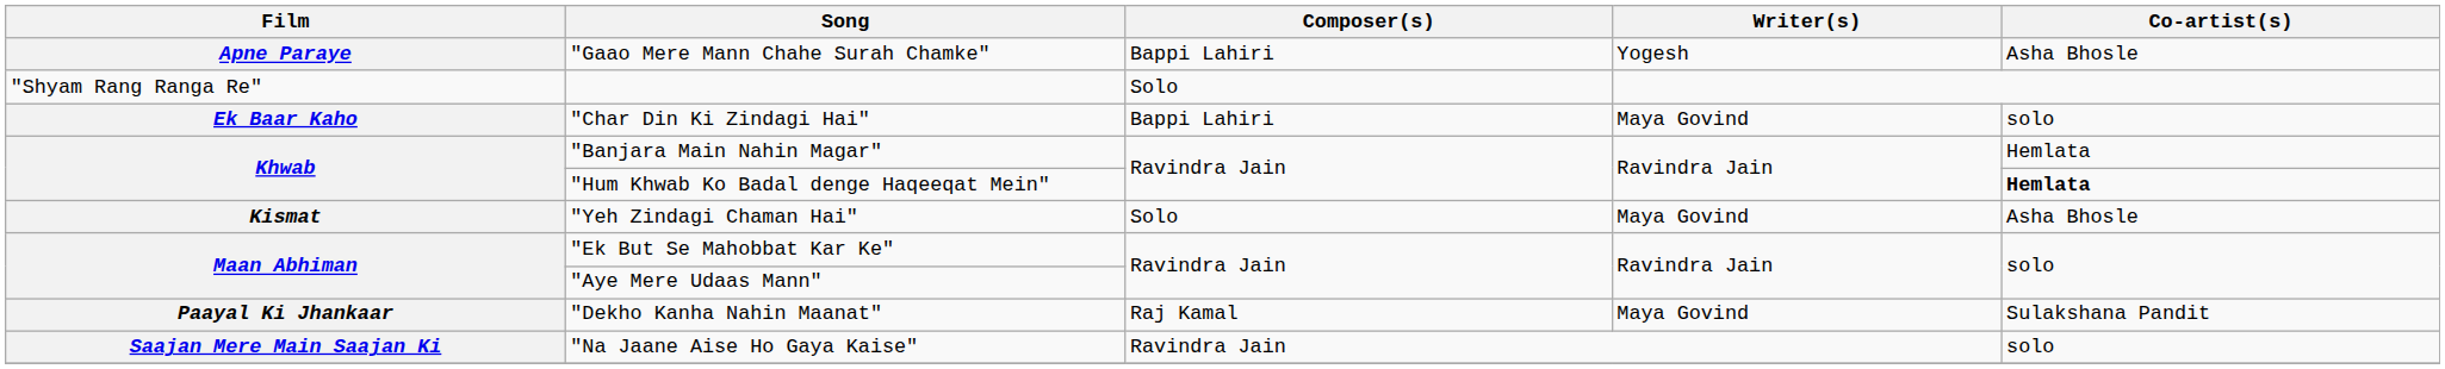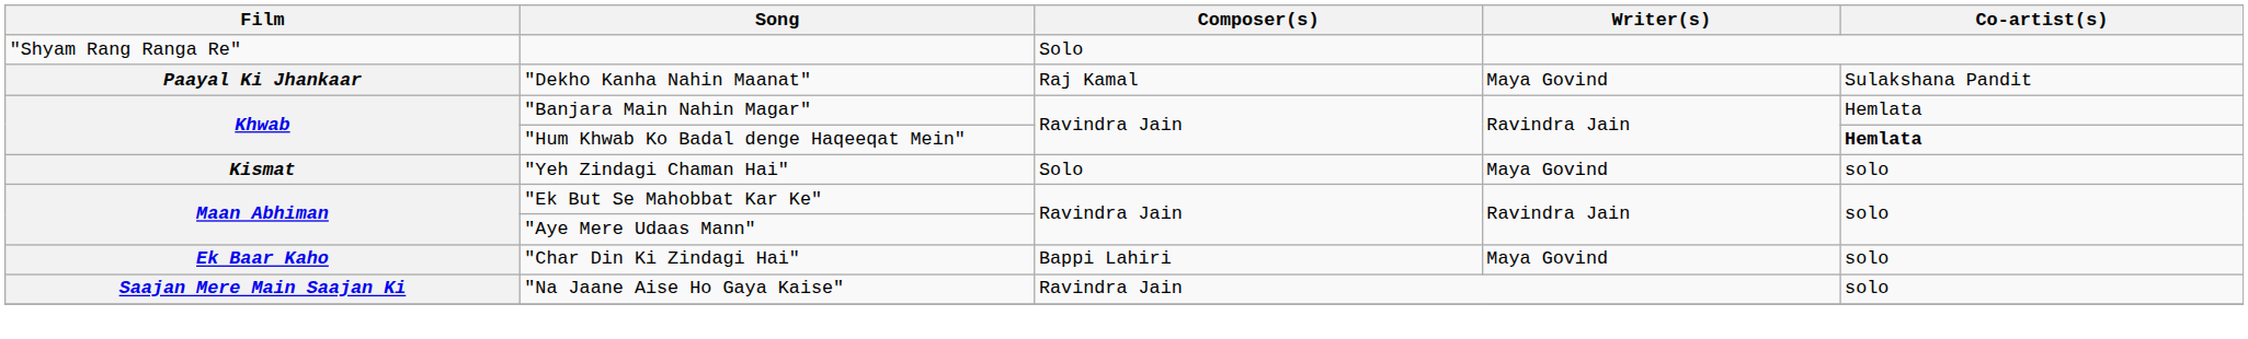 <table class="wikitable plainrowheaders" style="width:100%;" textcolor:#000;">
 <tr style="background:#b0e0e66;">
 <th scope="col" style="width:23%;"><strong>Film</strong></th>
 <th scope="col" style="width:23%;"><strong>Song</strong></th>
 <th scope="col" style="width:20%;"><strong>Composer(s)</strong></th>
 <th scope="col" style="width:16%;"><strong>Writer(s)</strong></th>
 <th scope="col" style="width:18%;"><strong>Co-artist(s)</strong></th>
 </tr>
 <tr>
-<th><em><a href='#'>Apne Paraye</a></em></th>
-<td>"Gaao Mere Mann Chahe Surah Chamke"</td>
-<td>Bappi Lahiri</td>
-<td>Yogesh</td>
-<td>Asha Bhosle</td>
-</tr>
-<tr>
 <td>"Shyam Rang Ranga Re"</td>
 <td></td>
 <td>Solo</td>
 </tr>
 <tr>
-<th><em><a href='#'>Ek Baar Kaho</a></em></th>
-<td>"Char Din Ki Zindagi Hai"</td>
-<td>Bappi Lahiri</td>
+<th><em>Paayal Ki Jhankaar</em></th>
+<td>"Dekho Kanha Nahin Maanat"</td>
+<td>Raj Kamal</td>
 <td>Maya Govind</td>
-<td>solo</td>
+<td>Sulakshana Pandit</td>
 </tr>
 <tr>
 <th Rowspan=2><em><a href='#'>Khwab</a></em></th>
 <td>"Banjara Main Nahin Magar"</td>
 <td Rowspan=2>Ravindra Jain</td>
 <td rowspan=2>Ravindra Jain</td>
 <td>Hemlata</td>
 </tr>
 <tr>
 <td>"Hum Khwab Ko Badal denge Haqeeqat Mein"</td>
 <td><strong>Hemlata</strong></td>
 </tr>
 <tr>
 <th><em>Kismat</em></th>
 <td>"Yeh Zindagi Chaman Hai"</td>
 <td>Solo</td>
 <td>Maya Govind</td>
-<td>Asha Bhosle</td>
+<td>solo</td>
 </tr>
 <tr>
 <th Rowspan=2><em><a href='#'>Maan Abhiman</a></em></th>
 <td>"Ek But Se Mahobbat Kar Ke"</td>
 <td Rowspan=2>Ravindra Jain</td>
 <td rowspan=2>Ravindra Jain</td>
 <td rowspan=2>solo</td>
 </tr>
 <tr>
 <td>"Aye Mere Udaas Mann"</td>
 </tr>
 <tr>
-<th><em>Paayal Ki Jhankaar</em></th>
-<td>"Dekho Kanha Nahin Maanat"</td>
-<td>Raj Kamal</td>
+<th><em><a href='#'>Ek Baar Kaho</a></em></th>
+<td>"Char Din Ki Zindagi Hai"</td>
+<td>Bappi Lahiri</td>
 <td>Maya Govind</td>
-<td>Sulakshana Pandit</td>
+<td>solo</td>
 </tr>
 <tr>
 <th><em><a href='#'>Saajan Mere Main Saajan Ki</a></em></th>
 <td>"Na Jaane Aise Ho Gaya Kaise"</td>
 <td colspan=2>Ravindra Jain</td>
 <td>solo</td>
 </tr>
 <tr>
 </tr>
 </table>
